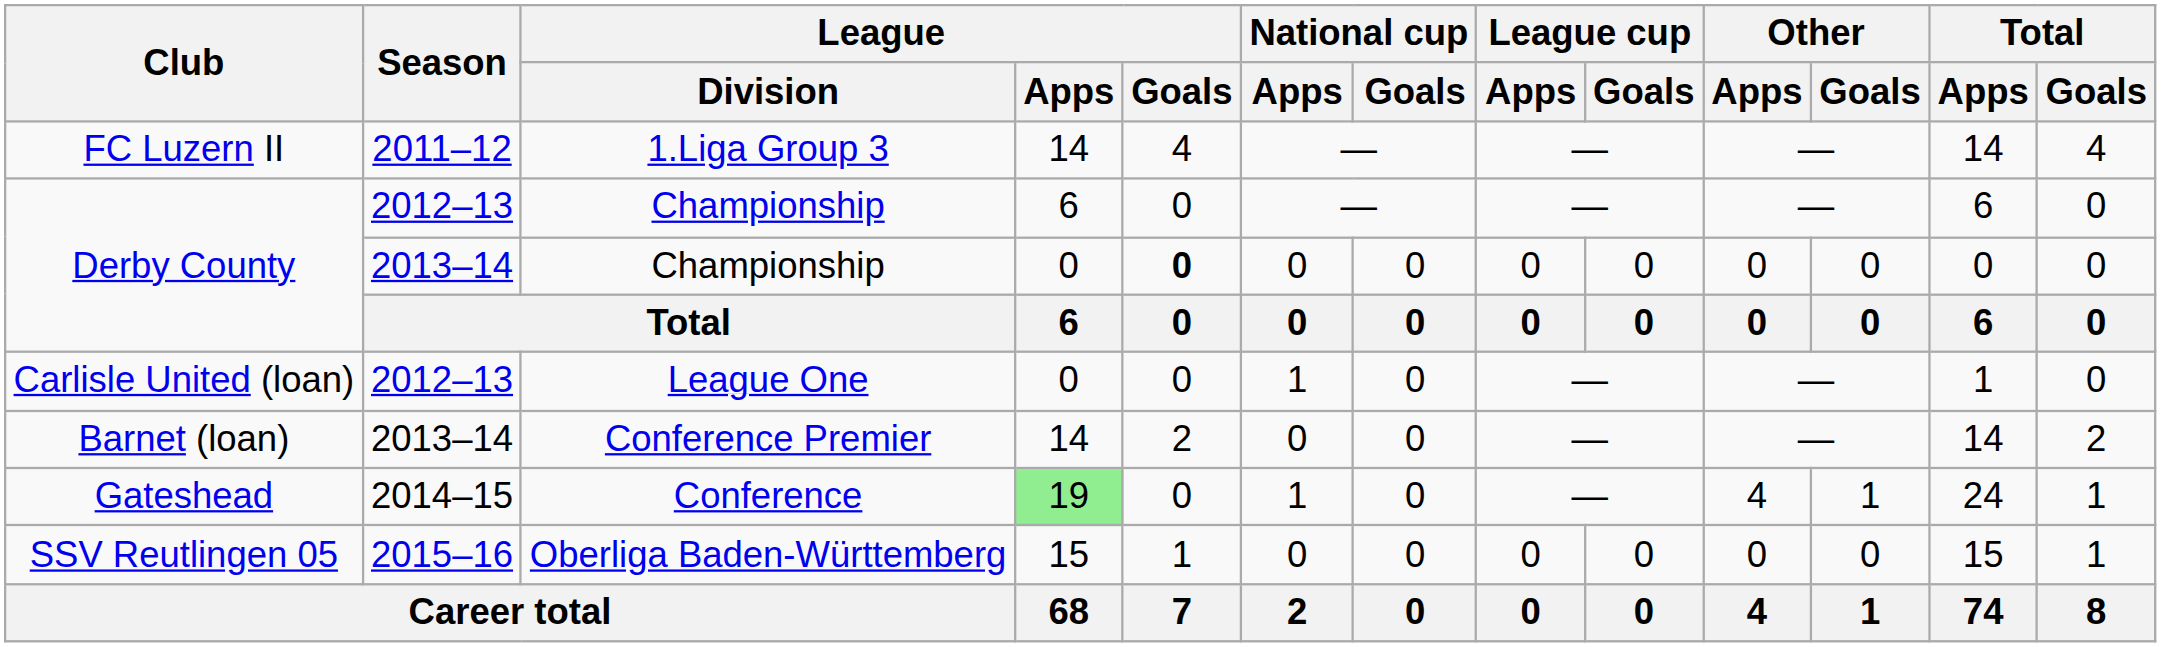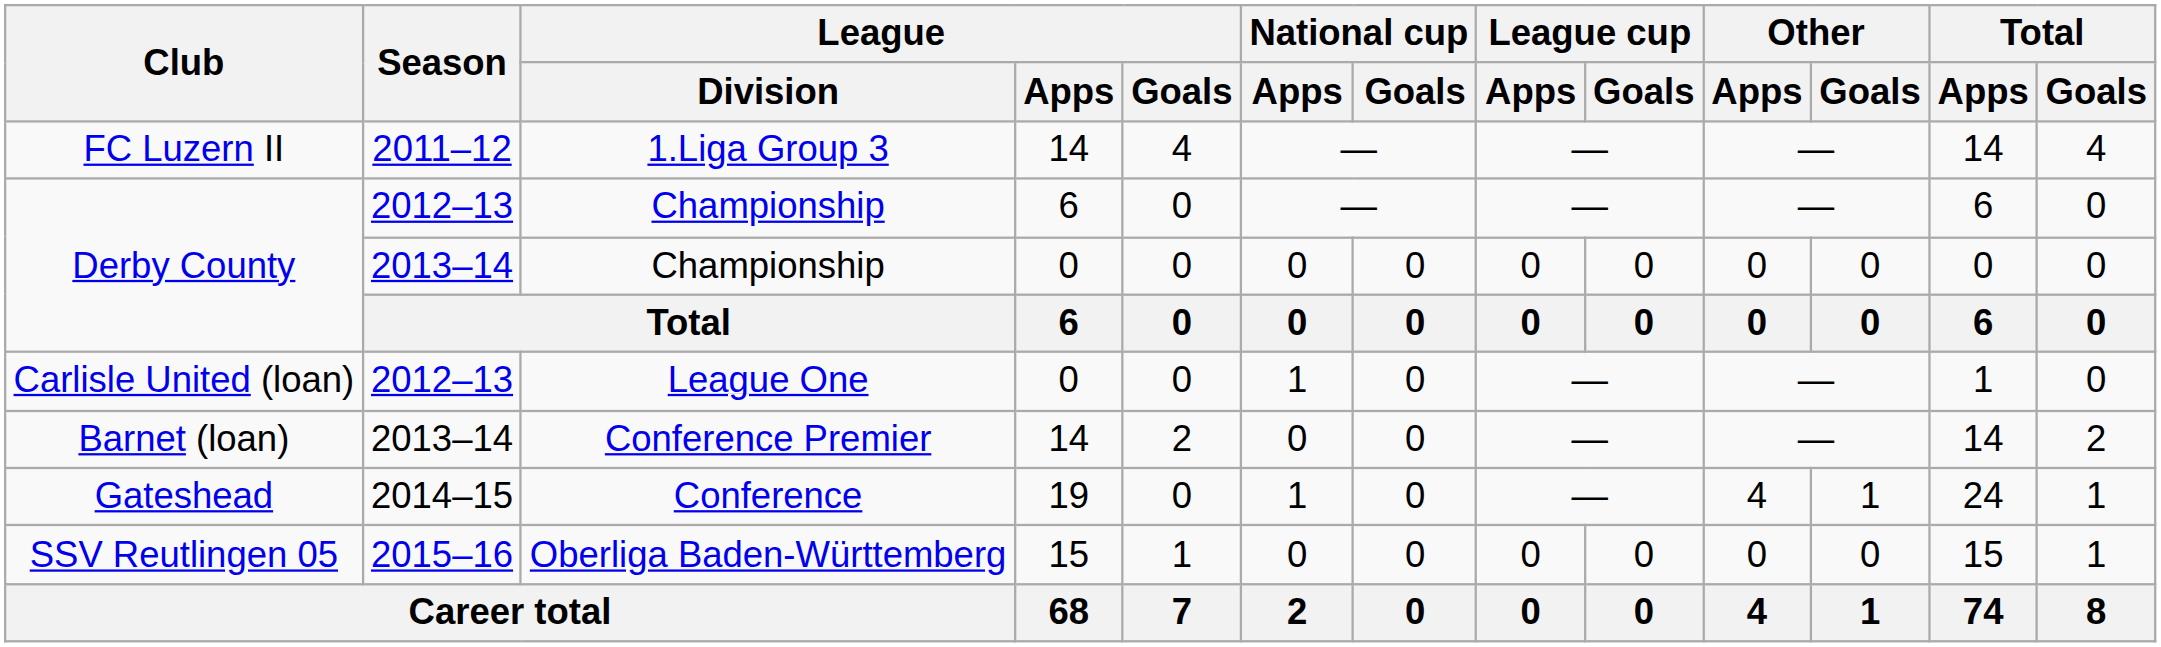 <table class="wikitable" style="text-align:center">
 <tr>
 <th rowspan="2">Club</th>
 <th rowspan="2">Season</th>
 <th colspan="3">League</th>
 <th colspan="2">National cup</th>
 <th colspan="2">League cup</th>
 <th colspan="2">Other</th>
 <th colspan="2">Total</th>
 </tr>
 <tr>
 <th>Division</th>
 <th>Apps</th>
 <th>Goals</th>
 <th>Apps</th>
 <th>Goals</th>
 <th>Apps</th>
 <th>Goals</th>
 <th>Apps</th>
 <th>Goals</th>
 <th>Apps</th>
 <th>Goals</th>
 </tr>
 <tr>
 <td><a href='#'>FC Luzern</a> II</td>
 <td><a href='#'>2011–12</a></td>
 <td><a href='#'>1.Liga Group 3</a></td>
 <td>14</td>
 <td>4</td>
 <td colspan="2">—</td>
 <td colspan="2">—</td>
 <td colspan="2">—</td>
 <td>14</td>
 <td>4</td>
 </tr>
 <tr>
 <td rowspan="3"><a href='#'>Derby County</a></td>
 <td><a href='#'>2012–13</a></td>
 <td><a href='#'>Championship</a></td>
 <td>6</td>
 <td>0</td>
 <td colspan="2">—</td>
 <td colspan="2">—</td>
 <td colspan="2">—</td>
 <td>6</td>
 <td>0</td>
 </tr>
 <tr>
 <td><a href='#'>2013–14</a></td>
 <td>Championship</td>
 <td>0</td>
-<td><strong>0</strong></td>
+<td>0</td>
 <td>0</td>
 <td>0</td>
 <td>0</td>
 <td>0</td>
 <td>0</td>
 <td>0</td>
 <td>0</td>
 <td>0</td>
 </tr>
 <tr>
 <th colspan="2">Total</th>
 <th>6</th>
 <th>0</th>
 <th>0</th>
 <th>0</th>
 <th>0</th>
 <th>0</th>
 <th>0</th>
 <th>0</th>
 <th>6</th>
 <th>0</th>
 </tr>
 <tr>
 <td><a href='#'>Carlisle United</a> (loan)</td>
 <td><a href='#'>2012–13</a></td>
 <td><a href='#'>League One</a></td>
 <td>0</td>
 <td>0</td>
 <td>1</td>
 <td>0</td>
 <td colspan="2">—</td>
 <td colspan="2">—</td>
 <td>1</td>
 <td>0</td>
 </tr>
 <tr>
 <td><a href='#'>Barnet</a> (loan)</td>
 <td>2013–14</td>
 <td><a href='#'>Conference Premier</a></td>
 <td>14</td>
 <td>2</td>
 <td>0</td>
 <td>0</td>
 <td colspan="2">—</td>
 <td colspan="2">—</td>
 <td>14</td>
 <td>2</td>
 </tr>
 <tr>
 <td><a href='#'>Gateshead</a></td>
 <td>2014–15</td>
 <td><a href='#'>Conference</a></td>
-<td style="background: lightgreen;">19</td>
+<td>19</td>
 <td>0</td>
 <td>1</td>
 <td>0</td>
 <td colspan="2">—</td>
 <td>4</td>
 <td>1</td>
 <td>24</td>
 <td>1</td>
 </tr>
 <tr>
 <td><a href='#'>SSV Reutlingen 05</a></td>
 <td><a href='#'>2015–16</a></td>
 <td><a href='#'>Oberliga Baden-Württemberg</a></td>
 <td>15</td>
 <td>1</td>
 <td>0</td>
 <td>0</td>
 <td>0</td>
 <td>0</td>
 <td>0</td>
 <td>0</td>
 <td>15</td>
 <td>1</td>
 </tr>
 <tr>
 <th colspan="3">Career total</th>
 <th>68</th>
 <th>7</th>
 <th>2</th>
 <th>0</th>
 <th>0</th>
 <th>0</th>
 <th>4</th>
 <th>1</th>
 <th>74</th>
 <th>8</th>
 </tr>
 </table>
